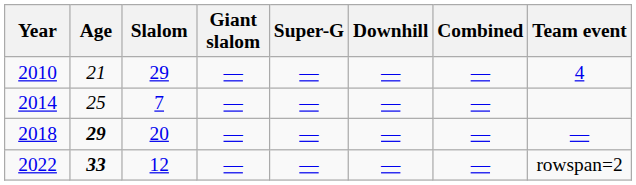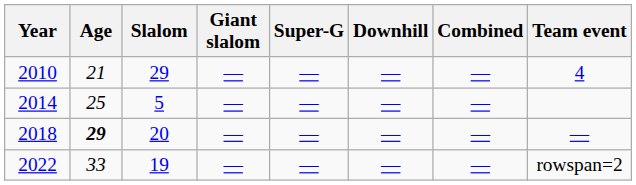 <table class=wikitable style="text-align:center">
 <tr>
 <th>  Year  </th>
 <th> Age </th>
 <th> Slalom </th>
 <th> Giant <br> slalom </th>
 <th>Super-G</th>
 <th>Downhill</th>
 <th>Combined</th>
 <th>Team event</th>
 </tr>
 <tr>
 <td><a href='#'>2010</a></td>
 <td><em>21</em></td>
 <td><a href='#'>29</a></td>
 <td><a href='#'>—</a></td>
 <td><a href='#'>—</a></td>
 <td><a href='#'>—</a></td>
 <td><a href='#'>—</a></td>
 <td><a href='#'>4</a></td>
 </tr>
 <tr>
 <td><a href='#'>2014</a></td>
 <td><em>25</em></td>
-<td><a href='#'>7</a></td>
+<td><a href='#'>5</a></td>
 <td><a href='#'>—</a></td>
 <td><a href='#'>—</a></td>
 <td><a href='#'>—</a></td>
 <td><a href='#'>—</a></td>
 </tr>
 <tr>
 <td><a href='#'>2018</a></td>
 <td><strong><em>29</em></strong></td>
 <td><a href='#'>20</a></td>
 <td><a href='#'>—</a></td>
 <td><a href='#'>—</a></td>
 <td><a href='#'>—</a></td>
 <td><a href='#'>—</a></td>
 <td><a href='#'>—</a></td>
 </tr>
 <tr>
 <td><a href='#'>2022</a></td>
-<td><strong><em>33</em></strong></td>
-<td><a href='#'>12</a></td>
+<td><em>33</em></td>
+<td><a href='#'>19</a></td>
 <td><a href='#'>—</a></td>
 <td><a href='#'>—</a></td>
 <td><a href='#'>—</a></td>
 <td><a href='#'>—</a></td>
 <td>rowspan=2 </td>
 </tr>
 </table>
